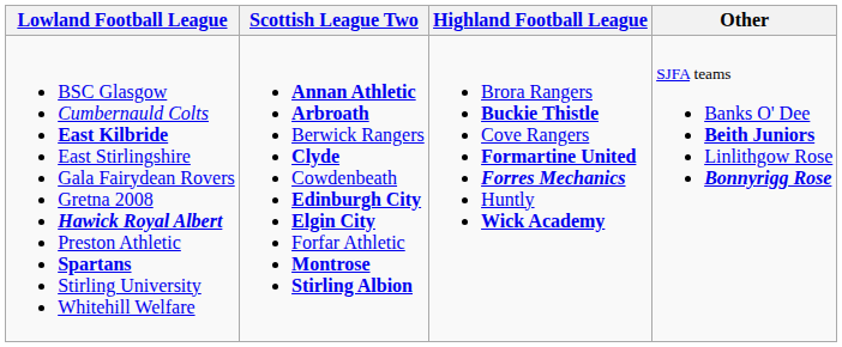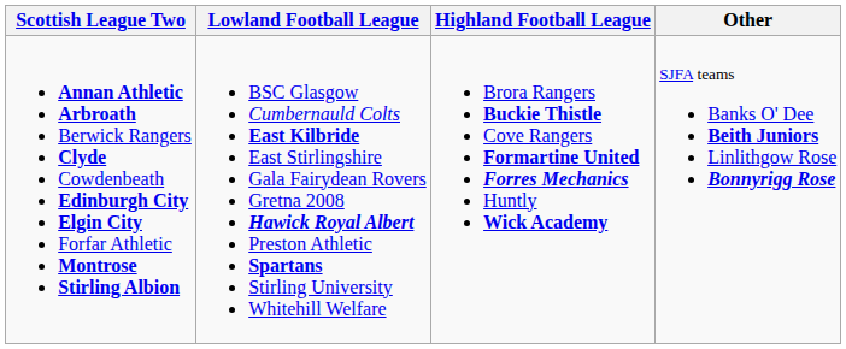 <table class="wikitable" style="text-align:left">
 <tr>
+<th><a href='#'>Scottish League Two</a></th>
 <th><a href='#'>Lowland Football League</a></th>
-<th><a href='#'>Scottish League Two</a></th>
 <th><a href='#'>Highland Football League</a></th>
 <th>Other</th>
 </tr>
 <tr>
+<td valign=top><br><ul><li><strong><a href='#'>Annan Athletic</a></strong></li><li><strong><a href='#'>Arbroath</a></strong></li><li><a href='#'>Berwick Rangers</a></li><li><strong><a href='#'>Clyde</a></strong></li><li><a href='#'>Cowdenbeath</a></li><li><strong><a href='#'>Edinburgh City</a></strong></li><li><strong><a href='#'>Elgin City</a></strong></li><li><a href='#'>Forfar Athletic</a></li><li><strong><a href='#'>Montrose</a></strong></li><li><strong><a href='#'>Stirling Albion</a></strong></li></ul></td>
 <td valign=top><br><ul><li><a href='#'>BSC Glasgow</a></li><li><em><a href='#'>Cumbernauld Colts</a></em></li><li><strong><a href='#'>East Kilbride</a></strong></li><li><a href='#'>East Stirlingshire</a></li><li><a href='#'>Gala Fairydean Rovers</a></li><li><a href='#'>Gretna 2008</a></li><li><strong><em><a href='#'>Hawick Royal Albert</a></em></strong></li><li><a href='#'>Preston Athletic</a></li><li><strong><a href='#'>Spartans</a></strong></li><li><a href='#'>Stirling University</a></li><li><a href='#'>Whitehill Welfare</a></li></ul></td>
-<td valign=top><br><ul><li><strong><a href='#'>Annan Athletic</a></strong></li><li><strong><a href='#'>Arbroath</a></strong></li><li><a href='#'>Berwick Rangers</a></li><li><strong><a href='#'>Clyde</a></strong></li><li><a href='#'>Cowdenbeath</a></li><li><strong><a href='#'>Edinburgh City</a></strong></li><li><strong><a href='#'>Elgin City</a></strong></li><li><a href='#'>Forfar Athletic</a></li><li><strong><a href='#'>Montrose</a></strong></li><li><strong><a href='#'>Stirling Albion</a></strong></li></ul></td>
 <td valign=top><br><ul><li><a href='#'>Brora Rangers</a></li><li><strong><a href='#'>Buckie Thistle</a></strong></li><li><a href='#'>Cove Rangers</a></li><li><strong><a href='#'>Formartine United</a></strong></li><li><strong><em><a href='#'>Forres Mechanics</a></em></strong></li><li><a href='#'>Huntly</a></li><li><strong><a href='#'>Wick Academy</a></strong></li></ul></td>
 <td valign=top><br><small><a href='#'>SJFA</a> teams</small><ul><li><a href='#'>Banks O' Dee</a></li><li><strong><a href='#'>Beith Juniors</a></strong></li><li><a href='#'>Linlithgow Rose</a></li><li><strong><em><a href='#'>Bonnyrigg Rose</a></em></strong></li></ul></td>
 </tr>
 </table>
